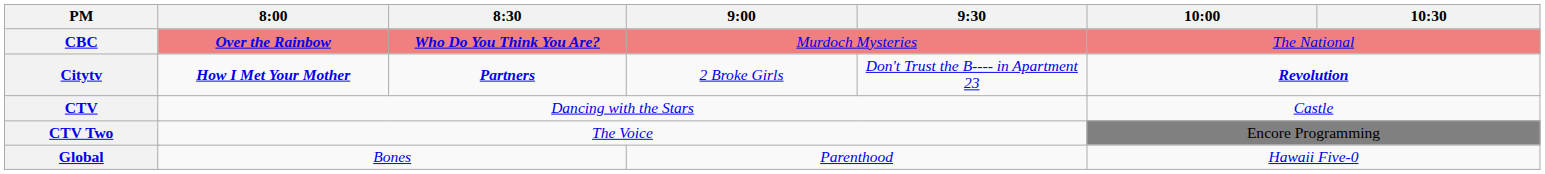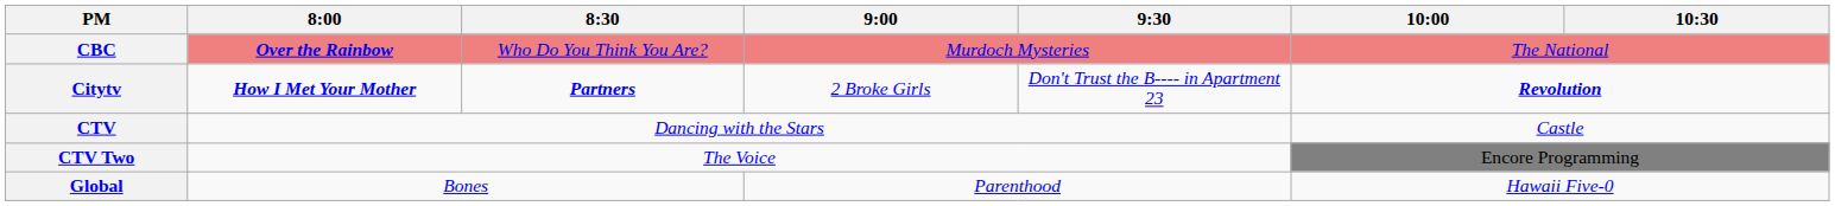 <table class="wikitable" style="width:100%;margin-right:0;text-align:center">
 <tr>
 <th colspan="2" style="width:10%;">PM</th>
 <th style="width:15%;">8:00</th>
 <th style="width:15.5%;">8:30</th>
 <th style="width:15%;">9:00</th>
 <th style="width:15%;">9:30</th>
 <th style="width:15%;">10:00</th>
 <th style="width:15%;">10:30</th>
 </tr>
 <tr>
 <th colspan="2"><a href='#'>CBC</a></th>
 <td style="background:#f08080;"><strong><em><a href='#'>Over the Rainbow</a></em></strong></td>
-<td style="background:#f08080;"><strong><em><a href='#'>Who Do You Think You Are?</a></em></strong></td>
+<td style="background:#f08080;"><em><a href='#'>Who Do You Think You Are?</a></em></td>
 <td colspan="2" style="background:#f08080;"><em><a href='#'>Murdoch Mysteries</a></em></td>
 <td colspan="2" style="background:#f08080;"><em><a href='#'>The National</a></em></td>
 </tr>
 <tr>
 <th colspan="2"><a href='#'>Citytv</a></th>
 <td><strong><em><a href='#'>How I Met Your Mother</a></em></strong></td>
 <td><strong><em><a href='#'>Partners</a></em></strong></td>
 <td><em><a href='#'>2 Broke Girls</a></em></td>
 <td><em><a href='#'>Don't Trust the B---- in Apartment 23</a></em></td>
 <td colspan="2"><strong><em><a href='#'>Revolution</a></em></strong></td>
 </tr>
 <tr>
 <th colspan="2"><a href='#'>CTV</a></th>
 <td colspan="4"><em><a href='#'>Dancing with the Stars</a></em></td>
 <td colspan="2"><em><a href='#'>Castle</a></em></td>
 </tr>
 <tr>
 <th colspan="2"><a href='#'>CTV Two</a></th>
 <td colspan="4"><em><a href='#'>The Voice</a></em></td>
 <td colspan="2" bgcolor="gray">Encore Programming</td>
 </tr>
 <tr>
 <th colspan="2"><a href='#'>Global</a></th>
 <td colspan="2"><em><a href='#'>Bones</a></em></td>
 <td colspan="2"><em><a href='#'>Parenthood</a></em></td>
 <td colspan="2"><em><a href='#'>Hawaii Five-0</a></em></td>
 </tr>
 </table>
